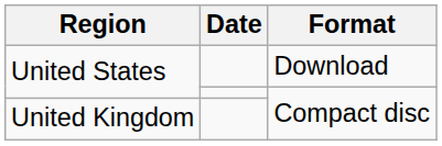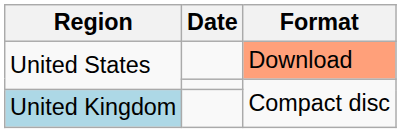 <table class="wikitable">
 <tr>
 <th>Region</th>
 <th>Date</th>
 <th>Format</th>
 </tr>
 <tr>
 <td rowspan="2">United States</td>
 <td></td>
-<td>Download</td>
+<td style="background: lightsalmon;">Download</td>
 </tr>
 <tr>
 <td></td>
 <td rowspan="2">Compact disc</td>
 </tr>
 <tr>
-<td>United Kingdom</td>
+<td style="background: lightblue;">United Kingdom</td>
 <td></td>
 </tr>
 </table>
